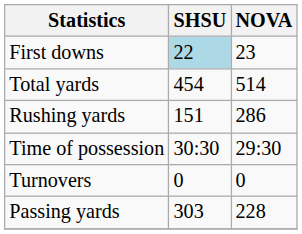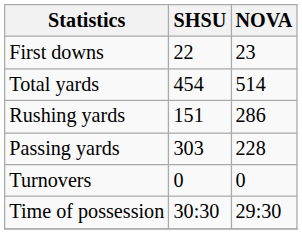 <table class="wikitable">
 <tr>
 <th>Statistics</th>
 <th>SHSU</th>
 <th>NOVA</th>
 </tr>
 <tr>
 <td>First downs</td>
-<td style="background: lightblue;">22</td>
+<td>22</td>
 <td>23</td>
 </tr>
 <tr>
 <td>Total yards</td>
 <td>454</td>
 <td>514</td>
 </tr>
 <tr>
 <td>Rushing yards</td>
 <td>151</td>
 <td>286</td>
 </tr>
 <tr>
-<td>Time of possession</td>
-<td>30:30</td>
-<td>29:30</td>
+<td>Passing yards</td>
+<td>303</td>
+<td>228</td>
 </tr>
 <tr>
 <td>Turnovers</td>
 <td>0</td>
 <td>0</td>
 </tr>
 <tr>
-<td>Passing yards</td>
-<td>303</td>
-<td>228</td>
+<td>Time of possession</td>
+<td>30:30</td>
+<td>29:30</td>
 </tr>
 <tr>
 </tr>
 </table>
